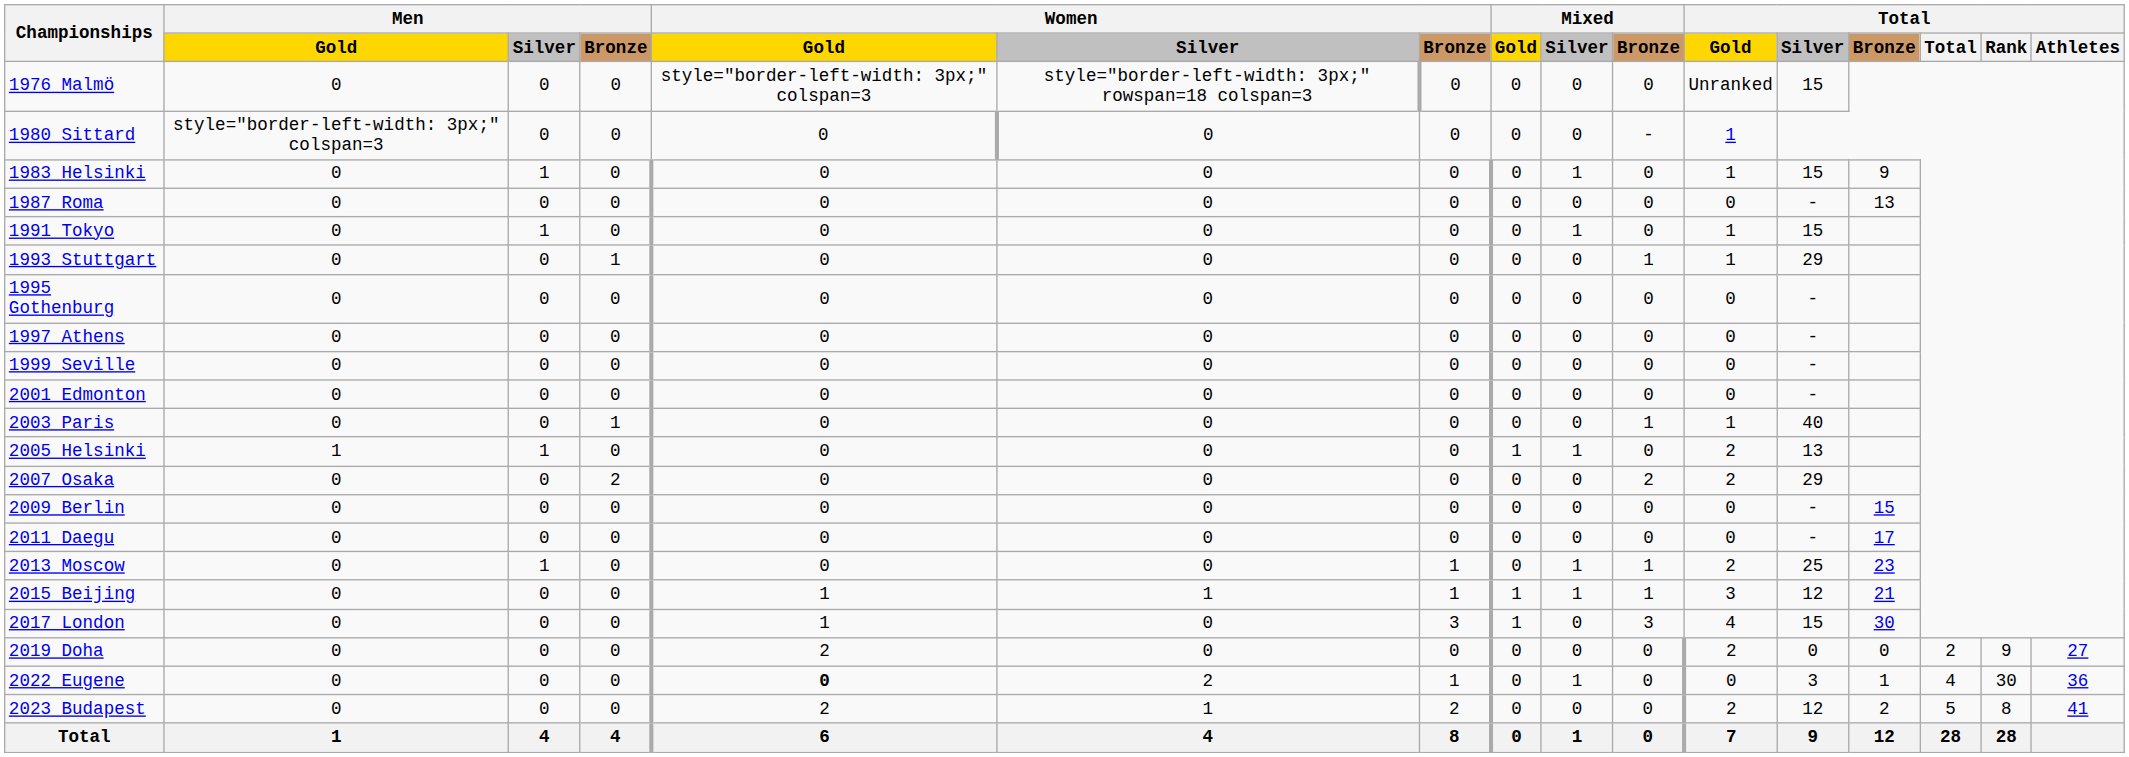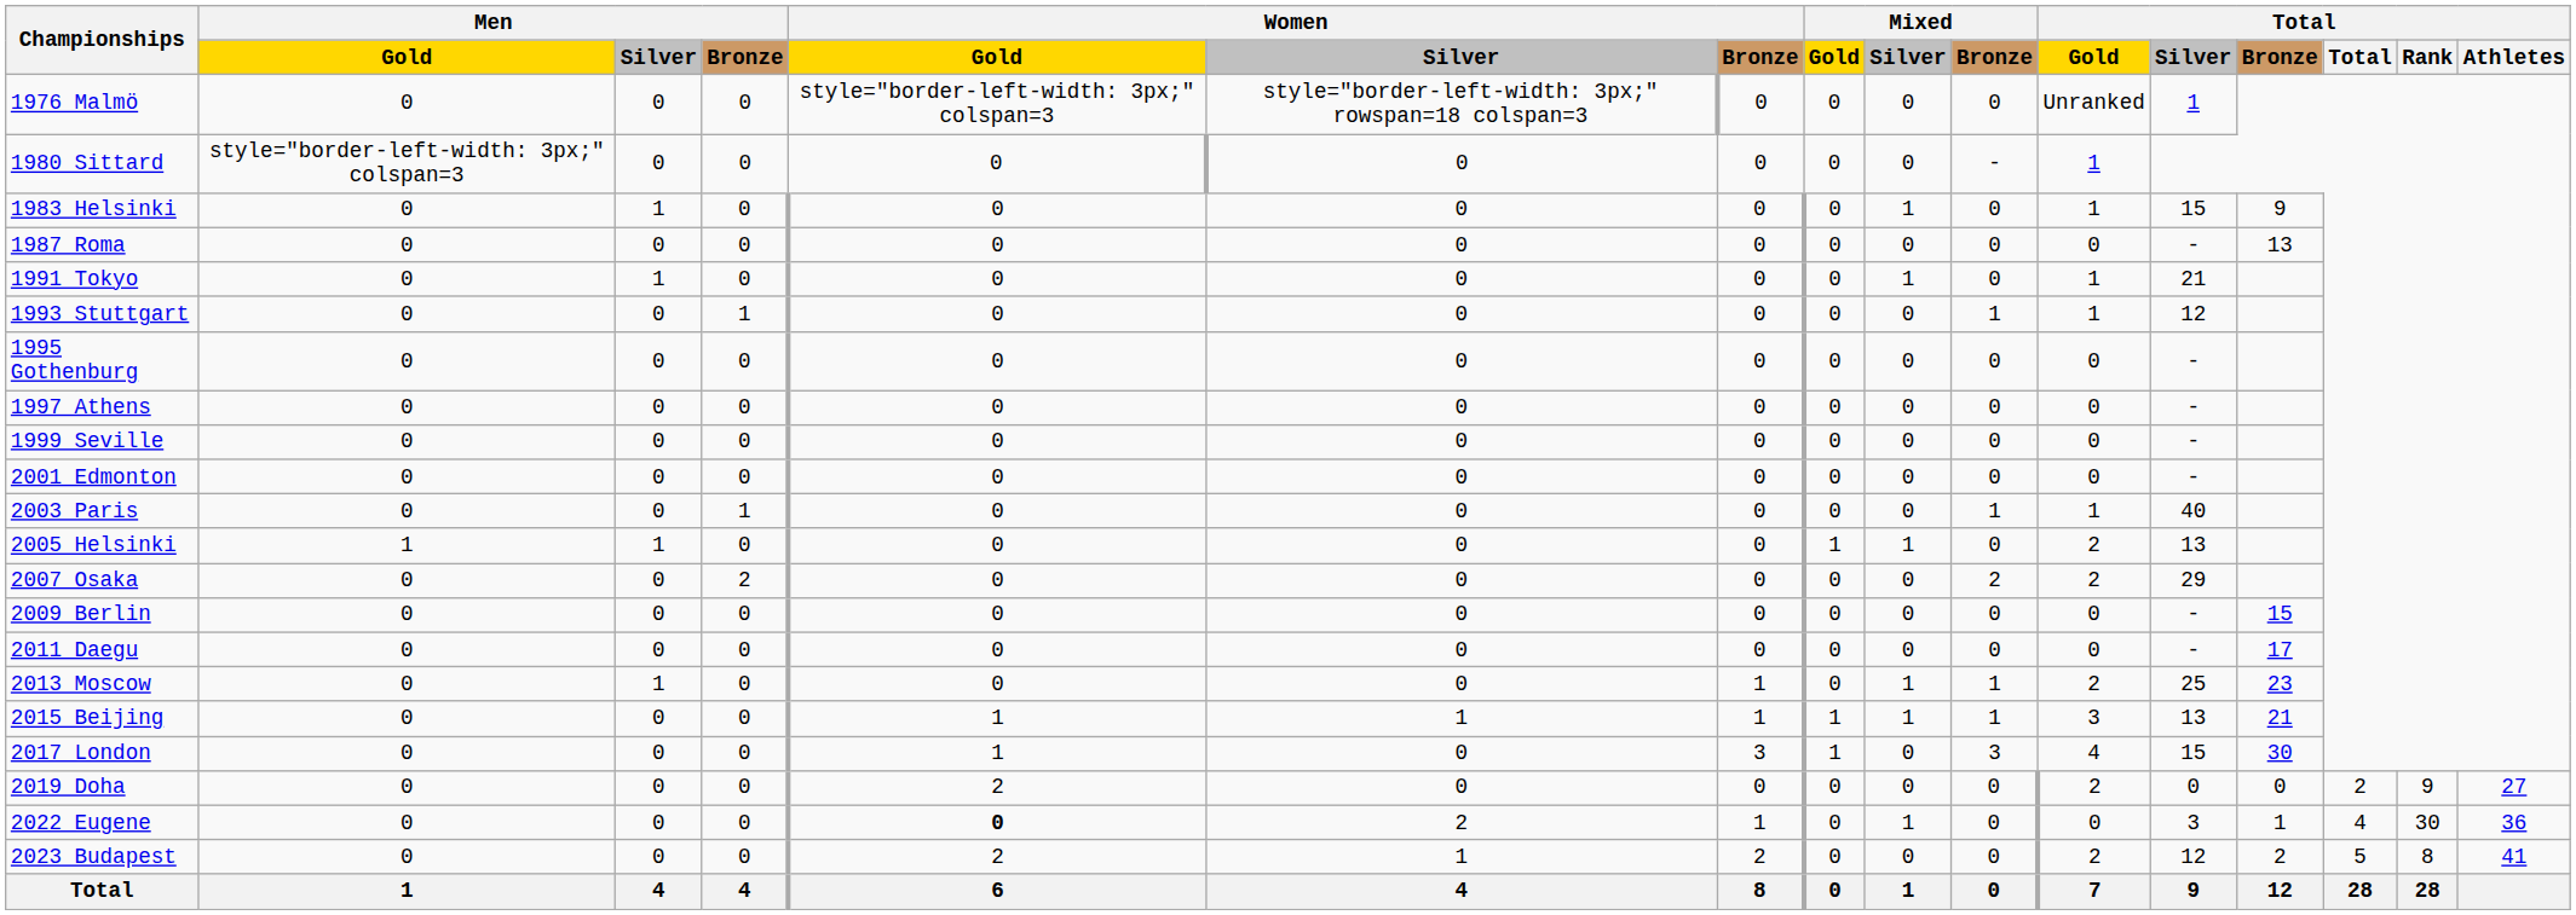 <table class="wikitable" style="text-align:center">
 <tr>
 <th rowspan="2">Championships</th>
 <th colspan="3">Men</th>
 <th colspan="3">Women</th>
 <th colspan="3">Mixed</th>
 <th colspan="6">Total</th>
 </tr>
 <tr>
 <th style="background-color: gold;">Gold</th>
 <th style="background-color: silver;">Silver</th>
 <th style="background-color: #cc9966;">Bronze</th>
 <th style="background-color: gold;">Gold</th>
 <th style="background-color: silver;">Silver</th>
 <th style="background-color: #cc9966;">Bronze</th>
 <th style="background-color: gold;">Gold</th>
 <th style="background-color: silver;">Silver</th>
 <th style="background-color: #cc9966;">Bronze</th>
 <th style="background-color: gold;">Gold</th>
 <th style="background-color: silver;">Silver</th>
 <th style="background-color: #cc9966;">Bronze</th>
 <th>Total</th>
 <th>Rank</th>
 <th>Athletes</th>
 </tr>
 <tr>
 <td align="left"><a href='#'>1976 Malmö</a></td>
 <td>0</td>
 <td>0</td>
 <td>0</td>
 <td>style="border-left-width: 3px;" colspan=3 </td>
 <td>style="border-left-width: 3px;" rowspan=18 colspan=3 </td>
 <td style="border-left-width: 3px;">0</td>
 <td>0</td>
 <td>0</td>
 <td>0</td>
 <td>Unranked</td>
-<td>15</td>
+<td><a href='#'>1</a></td>
 </tr>
 <tr>
 <td align="left"><a href='#'>1980 Sittard</a></td>
 <td>style="border-left-width: 3px;" colspan=3 </td>
 <td>0</td>
 <td>0</td>
 <td>0</td>
 <td style="border-left-width: 3px;">0</td>
 <td>0</td>
 <td>0</td>
 <td>0</td>
 <td>-</td>
 <td><a href='#'>1</a></td>
 </tr>
 <tr>
 <td align="left"><a href='#'>1983 Helsinki</a></td>
 <td>0</td>
 <td>1</td>
 <td>0</td>
 <td style="border-left-width: 3px;">0</td>
 <td>0</td>
 <td>0</td>
 <td style="border-left-width: 3px;">0</td>
 <td>1</td>
 <td>0</td>
 <td>1</td>
 <td>15</td>
 <td>9</td>
 </tr>
 <tr>
 <td align="left"><a href='#'>1987 Roma</a></td>
 <td>0</td>
 <td>0</td>
 <td>0</td>
 <td style="border-left-width: 3px;">0</td>
 <td>0</td>
 <td>0</td>
 <td style="border-left-width: 3px;">0</td>
 <td>0</td>
 <td>0</td>
 <td>0</td>
 <td>-</td>
 <td>13</td>
 </tr>
 <tr>
 <td align="left"><a href='#'>1991 Tokyo</a></td>
 <td>0</td>
 <td>1</td>
 <td>0</td>
 <td style="border-left-width: 3px;">0</td>
 <td>0</td>
 <td>0</td>
 <td style="border-left-width: 3px;">0</td>
 <td>1</td>
 <td>0</td>
 <td>1</td>
-<td>15</td>
+<td>21</td>
 <td></td>
 </tr>
 <tr>
 <td align="left"><a href='#'>1993 Stuttgart</a></td>
 <td>0</td>
 <td>0</td>
 <td>1</td>
 <td style="border-left-width: 3px;">0</td>
 <td>0</td>
 <td>0</td>
 <td style="border-left-width: 3px;">0</td>
 <td>0</td>
 <td>1</td>
 <td>1</td>
-<td>29</td>
+<td>12</td>
 <td></td>
 </tr>
 <tr>
 <td align="left"><a href='#'>1995 Gothenburg</a></td>
 <td>0</td>
 <td>0</td>
 <td>0</td>
 <td style="border-left-width: 3px;">0</td>
 <td>0</td>
 <td>0</td>
 <td style="border-left-width: 3px;">0</td>
 <td>0</td>
 <td>0</td>
 <td>0</td>
 <td>-</td>
 <td></td>
 </tr>
 <tr>
 <td align="left"><a href='#'>1997 Athens</a></td>
 <td>0</td>
 <td>0</td>
 <td>0</td>
 <td style="border-left-width: 3px;">0</td>
 <td>0</td>
 <td>0</td>
 <td style="border-left-width: 3px;">0</td>
 <td>0</td>
 <td>0</td>
 <td>0</td>
 <td>-</td>
 <td></td>
 </tr>
 <tr>
 <td align="left"><a href='#'>1999 Seville</a></td>
 <td>0</td>
 <td>0</td>
 <td>0</td>
 <td style="border-left-width: 3px;">0</td>
 <td>0</td>
 <td>0</td>
 <td style="border-left-width: 3px;">0</td>
 <td>0</td>
 <td>0</td>
 <td>0</td>
 <td>-</td>
 <td></td>
 </tr>
 <tr>
 <td align="left"><a href='#'>2001 Edmonton</a></td>
 <td>0</td>
 <td>0</td>
 <td>0</td>
 <td style="border-left-width: 3px;">0</td>
 <td>0</td>
 <td>0</td>
 <td style="border-left-width: 3px;">0</td>
 <td>0</td>
 <td>0</td>
 <td>0</td>
 <td>-</td>
 <td></td>
 </tr>
 <tr>
 <td align="left"><a href='#'>2003 Paris</a></td>
 <td>0</td>
 <td>0</td>
 <td>1</td>
 <td style="border-left-width: 3px;">0</td>
 <td>0</td>
 <td>0</td>
 <td style="border-left-width: 3px;">0</td>
 <td>0</td>
 <td>1</td>
 <td>1</td>
 <td>40</td>
 <td></td>
 </tr>
 <tr>
 <td align="left"><a href='#'>2005 Helsinki</a></td>
 <td>1</td>
 <td>1</td>
 <td>0</td>
 <td style="border-left-width: 3px;">0</td>
 <td>0</td>
 <td>0</td>
 <td style="border-left-width: 3px;">1</td>
 <td>1</td>
 <td>0</td>
 <td>2</td>
 <td>13</td>
 <td></td>
 </tr>
 <tr>
 <td align="left"><a href='#'>2007 Osaka</a></td>
 <td>0</td>
 <td>0</td>
 <td>2</td>
 <td style="border-left-width: 3px;">0</td>
 <td>0</td>
 <td>0</td>
 <td style="border-left-width: 3px;">0</td>
 <td>0</td>
 <td>2</td>
 <td>2</td>
 <td>29</td>
 <td></td>
 </tr>
 <tr>
 <td align="left"><a href='#'>2009 Berlin</a></td>
 <td>0</td>
 <td>0</td>
 <td>0</td>
 <td style="border-left-width: 3px;">0</td>
 <td>0</td>
 <td>0</td>
 <td style="border-left-width: 3px;">0</td>
 <td>0</td>
 <td>0</td>
 <td>0</td>
 <td>-</td>
 <td><a href='#'>15</a></td>
 </tr>
 <tr>
 <td align="left"><a href='#'>2011 Daegu</a></td>
 <td>0</td>
 <td>0</td>
 <td>0</td>
 <td style="border-left-width: 3px;">0</td>
 <td>0</td>
 <td>0</td>
 <td style="border-left-width: 3px;">0</td>
 <td>0</td>
 <td>0</td>
 <td>0</td>
 <td>-</td>
 <td><a href='#'>17</a></td>
 </tr>
 <tr>
 <td align="left"><a href='#'>2013 Moscow</a></td>
 <td>0</td>
 <td>1</td>
 <td>0</td>
 <td style="border-left-width: 3px;">0</td>
 <td>0</td>
 <td>1</td>
 <td style="border-left-width: 3px;">0</td>
 <td>1</td>
 <td>1</td>
 <td>2</td>
 <td>25</td>
 <td><a href='#'>23</a></td>
 </tr>
 <tr>
 <td align="left"><a href='#'>2015 Beijing</a></td>
 <td>0</td>
 <td>0</td>
 <td>0</td>
 <td style="border-left-width: 3px;">1</td>
 <td>1</td>
 <td>1</td>
 <td style="border-left-width: 3px;">1</td>
 <td>1</td>
 <td>1</td>
 <td>3</td>
-<td>12</td>
+<td>13</td>
 <td><a href='#'>21</a></td>
 </tr>
 <tr>
 <td align="left"><a href='#'>2017 London</a></td>
 <td>0</td>
 <td>0</td>
 <td>0</td>
 <td style="border-left-width: 3px;">1</td>
 <td>0</td>
 <td>3</td>
 <td style="border-left-width: 3px;">1</td>
 <td>0</td>
 <td>3</td>
 <td>4</td>
 <td>15</td>
 <td><a href='#'>30</a></td>
 </tr>
 <tr>
 <td align="left"><a href='#'>2019 Doha</a></td>
 <td>0</td>
 <td>0</td>
 <td>0</td>
 <td style="border-left-width: 3px;">2</td>
 <td>0</td>
 <td>0</td>
 <td style="border-left-width: 3px;">0</td>
 <td>0</td>
 <td>0</td>
 <td style="border-left-width: 3px;">2</td>
 <td>0</td>
 <td>0</td>
 <td>2</td>
 <td>9</td>
 <td><a href='#'>27</a></td>
 </tr>
 <tr>
 <td align="left"><a href='#'>2022 Eugene</a></td>
 <td>0</td>
 <td>0</td>
 <td>0</td>
 <td style="border-left-width: 3px;"><strong>0</strong></td>
 <td>2</td>
 <td>1</td>
 <td style="border-left-width: 3px;">0</td>
 <td>1</td>
 <td>0</td>
 <td style="border-left-width: 3px;">0</td>
 <td>3</td>
 <td>1</td>
 <td>4</td>
 <td>30</td>
 <td><a href='#'>36</a></td>
 </tr>
 <tr>
 <td align="left"><a href='#'>2023 Budapest</a></td>
 <td>0</td>
 <td>0</td>
 <td>0</td>
 <td style="border-left-width:3px;">2</td>
 <td>1</td>
 <td>2</td>
 <td style="border-left-width:3px;">0</td>
 <td>0</td>
 <td>0</td>
 <td style="border-left-width:3px;">2</td>
 <td>12</td>
 <td>2</td>
 <td>5</td>
 <td>8</td>
 <td><a href='#'>41</a></td>
 </tr>
 <tr>
 <th align="left"><strong>Total</strong></th>
 <th><strong>1</strong></th>
 <th><strong>4</strong></th>
 <th><strong>4</strong></th>
 <th style="border-left-width: 3px;"><strong>6</strong></th>
 <th><strong>4</strong></th>
 <th><strong>8</strong></th>
 <th style="border-left-width: 3px;"><strong>0</strong></th>
 <th><strong>1</strong></th>
 <th><strong>0</strong></th>
 <th style="border-left-width: 3px;"><strong>7</strong></th>
 <th><strong>9</strong></th>
 <th><strong>12</strong></th>
 <th><strong>28</strong></th>
 <th><strong>28</strong></th>
 <th></th>
 </tr>
 </table>
